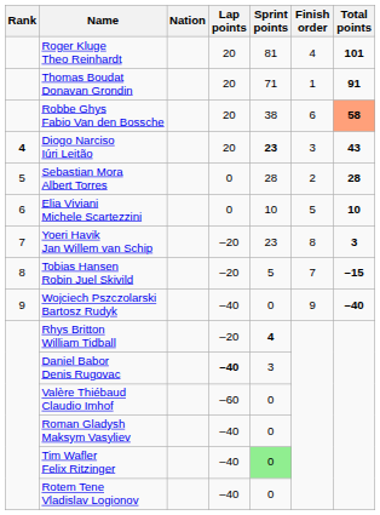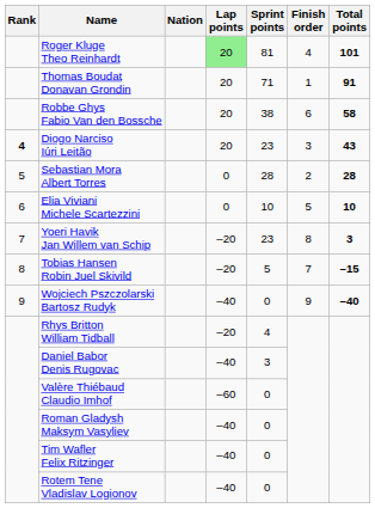 <table class="wikitable sortable" style="text-align:center">
 <tr>
 <th>Rank</th>
 <th>Name</th>
 <th>Nation</th>
 <th width=50>Lap points</th>
 <th width=50>Sprint points</th>
 <th width=50>Finish order</th>
 <th width=50>Total points</th>
 </tr>
 <tr>
 <td></td>
 <td align=left><a href='#'>Roger Kluge</a><br><a href='#'>Theo Reinhardt</a></td>
 <td align=left></td>
-<td>20</td>
+<td style="background: lightgreen;">20</td>
 <td>81</td>
 <td>4</td>
 <td><strong>101</strong></td>
 </tr>
 <tr>
 <td></td>
 <td align=left><a href='#'>Thomas Boudat</a><br><a href='#'>Donavan Grondin</a></td>
 <td align=left></td>
 <td>20</td>
 <td>71</td>
 <td>1</td>
 <td><strong>91</strong></td>
 </tr>
 <tr>
 <td></td>
 <td align=left><a href='#'>Robbe Ghys</a><br><a href='#'>Fabio Van den Bossche</a></td>
 <td align=left></td>
 <td>20</td>
 <td>38</td>
 <td>6</td>
-<td style="background: lightsalmon;"><strong>58</strong></td>
+<td><strong>58</strong></td>
 </tr>
 <tr>
 <td><strong>4</strong></td>
 <td align=left><a href='#'>Diogo Narciso</a><br><a href='#'>Iúri Leitão</a></td>
 <td align=left></td>
 <td>20</td>
-<td><strong>23</strong></td>
+<td>23</td>
 <td>3</td>
 <td><strong>43</strong></td>
 </tr>
 <tr>
 <td>5</td>
 <td align=left><a href='#'>Sebastian Mora</a><br><a href='#'>Albert Torres</a></td>
 <td align=left></td>
 <td>0</td>
 <td>28</td>
 <td>2</td>
 <td><strong>28</strong></td>
 </tr>
 <tr>
 <td>6</td>
 <td align=left><a href='#'>Elia Viviani</a><br><a href='#'>Michele Scartezzini</a></td>
 <td align=left></td>
 <td>0</td>
 <td>10</td>
 <td>5</td>
 <td><strong>10</strong></td>
 </tr>
 <tr>
 <td>7</td>
 <td align=left><a href='#'>Yoeri Havik</a><br><a href='#'>Jan Willem van Schip</a></td>
 <td align=left></td>
 <td>–20</td>
 <td>23</td>
 <td>8</td>
 <td><strong>3</strong></td>
 </tr>
 <tr>
 <td>8</td>
 <td align=left><a href='#'>Tobias Hansen</a><br><a href='#'>Robin Juel Skivild</a></td>
 <td align=left></td>
 <td>–20</td>
 <td>5</td>
 <td>7</td>
 <td><strong>–15</strong></td>
 </tr>
 <tr>
 <td>9</td>
 <td align=left><a href='#'>Wojciech Pszczolarski</a><br><a href='#'>Bartosz Rudyk</a></td>
 <td align=left></td>
 <td>–40</td>
 <td>0</td>
 <td>9</td>
 <td><strong>–40</strong></td>
 </tr>
 <tr>
 <td rowspan=6></td>
 <td align=left><a href='#'>Rhys Britton</a><br><a href='#'>William Tidball</a></td>
 <td align=left></td>
 <td>–20</td>
-<td><strong>4</strong></td>
+<td>4</td>
 <td rowspan=6></td>
 <td rowspan=6></td>
 </tr>
 <tr>
 <td align=left><a href='#'>Daniel Babor</a><br><a href='#'>Denis Rugovac</a></td>
 <td align=left></td>
-<td><strong>–40</strong></td>
+<td>–40</td>
 <td>3</td>
 </tr>
 <tr>
 <td align=left><a href='#'>Valère Thiébaud</a> <br><a href='#'>Claudio Imhof</a></td>
 <td align=left></td>
 <td>–60</td>
 <td>0</td>
 </tr>
 <tr>
 <td align=left><a href='#'>Roman Gladysh</a><br><a href='#'>Maksym Vasyliev</a></td>
 <td align=left></td>
 <td>–40</td>
 <td>0</td>
 </tr>
 <tr>
 <td align=left><a href='#'>Tim Wafler</a><br><a href='#'>Felix Ritzinger</a></td>
 <td align=left></td>
 <td>–40</td>
-<td style="background: lightgreen;">0</td>
+<td>0</td>
 </tr>
 <tr>
 <td align=left><a href='#'>Rotem Tene</a><br><a href='#'>Vladislav Logionov</a></td>
 <td align=left></td>
 <td>–40</td>
 <td>0</td>
 </tr>
 </table>
